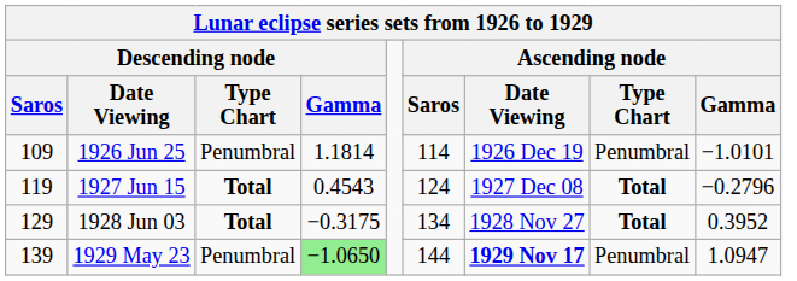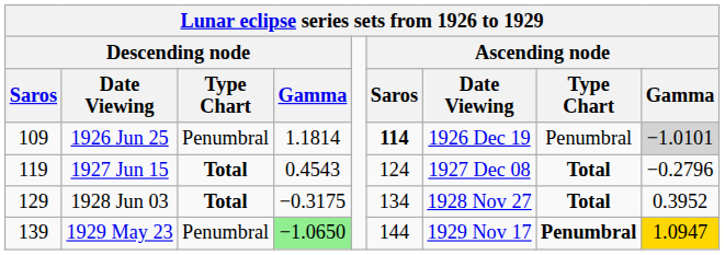 <table class="wikitable mw-collapsible mw-collapsed">
 <tr>
 <th class="nowrap" colspan="9"><a href='#'>Lunar eclipse</a> series sets from 1926 to 1929</th>
 </tr>
 <tr>
 <th scope="col" colspan="4">Descending node</th>
 <td rowspan="11"> </td>
 <th scope="col" colspan="4">Ascending node</th>
 </tr>
 <tr style="text-align: center;">
 <th scope="col"><a href='#'>Saros</a></th>
 <th scope="col">Date<br>Viewing</th>
 <th scope="col">Type<br>Chart</th>
 <th scope="col"><a href='#'>Gamma</a></th>
 <th scope="col">Saros</th>
 <th scope="col">Date<br>Viewing</th>
 <th scope="col">Type<br>Chart</th>
 <th scope="col">Gamma</th>
 </tr>
 <tr style="text-align: center;">
 <td>109</td>
 <td><a href='#'>1926 Jun 25</a><br></td>
 <td style="text-align:center;">Penumbral<br></td>
 <td>1.1814</td>
-<td>114</td>
+<td><strong>114</strong></td>
 <td><a href='#'>1926 Dec 19</a><br></td>
 <td style="text-align:center;">Penumbral<br></td>
-<td>−1.0101</td>
+<td style="background: lightgrey;">−1.0101</td>
 </tr>
 <tr style="text-align: center;">
 <td>119</td>
 <td><a href='#'>1927 Jun 15</a><br></td>
 <td style="text-align:center;"><strong>Total</strong><br></td>
 <td>0.4543</td>
 <td>124</td>
 <td><a href='#'>1927 Dec 08</a><br></td>
 <td style="text-align:center;"><strong>Total</strong><br></td>
 <td>−0.2796</td>
 </tr>
 <tr style="text-align: center;">
 <td>129</td>
 <td>1928 Jun 03<br></td>
 <td style="text-align:center;"><strong>Total</strong><br></td>
 <td>−0.3175</td>
 <td>134</td>
 <td><a href='#'>1928 Nov 27</a><br></td>
 <td style="text-align:center;"><strong>Total</strong><br></td>
 <td>0.3952</td>
 </tr>
 <tr style="text-align: center;">
 <td>139</td>
 <td><a href='#'>1929 May 23</a><br></td>
 <td style="text-align:center;">Penumbral<br></td>
 <td style="background: lightgreen;">−1.0650</td>
 <td>144</td>
-<td><strong><a href='#'>1929 Nov 17</a><br></strong></td>
-<td style="text-align:center;">Penumbral<br></td>
-<td>1.0947</td>
+<td><a href='#'>1929 Nov 17</a><br></td>
+<td style="text-align:center;"><strong>Penumbral<br></strong></td>
+<td style="background: gold;">1.0947</td>
 </tr>
 </table>
